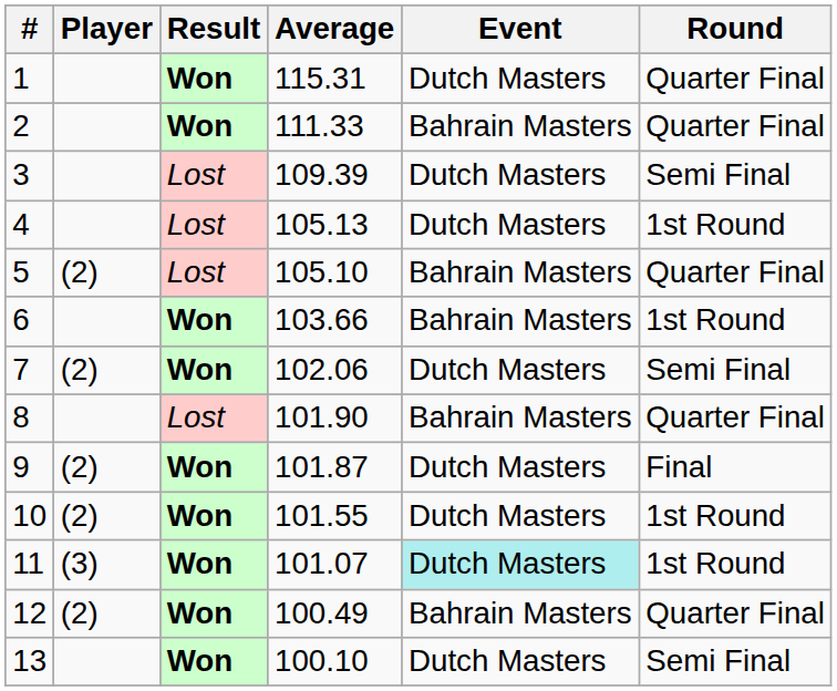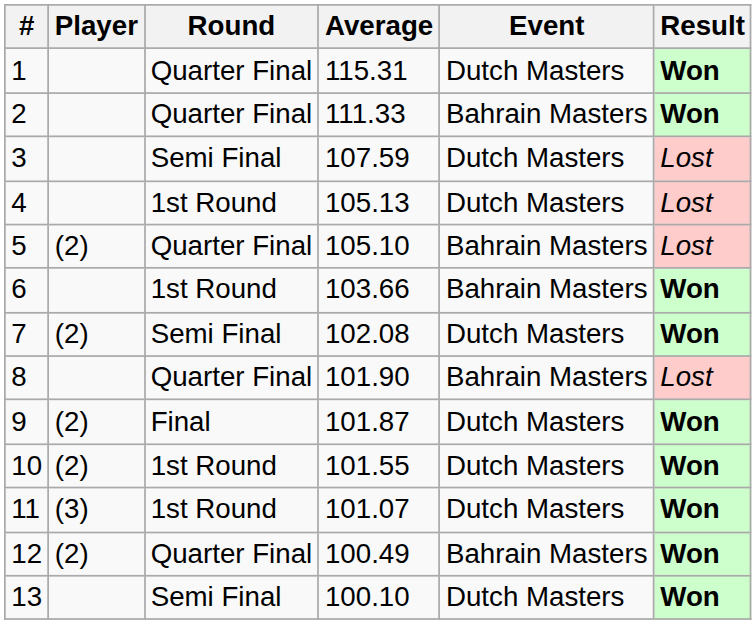 <table class ="wikitable sortable">
 <tr>
 <th>#</th>
 <th>Player</th>
-<th>Result</th>
+<th>Round</th>
 <th>Average</th>
 <th>Event</th>
-<th>Round</th>
+<th>Result</th>
 </tr>
 <tr>
 <td>1</td>
 <td></td>
-<td style="background:#CCFFCC;"><strong>Won</strong></td>
+<td>Quarter Final</td>
 <td>115.31</td>
 <td> Dutch  Masters</td>
-<td>Quarter Final</td>
+<td style="background:#CCFFCC;"><strong>Won</strong></td>
 </tr>
 <tr>
 <td>2</td>
 <td></td>
-<td style="background:#CCFFCC;"><strong>Won</strong></td>
+<td>Quarter Final</td>
 <td>111.33</td>
 <td> Bahrain  Masters</td>
-<td>Quarter Final</td>
+<td style="background:#CCFFCC;"><strong>Won</strong></td>
 </tr>
 <tr>
 <td>3</td>
 <td></td>
+<td>Semi Final</td>
+<td>107.59</td>
+<td> Dutch  Masters</td>
 <td style="background:#FFccCC;"><em>Lost</em></td>
-<td>109.39</td>
-<td> Dutch  Masters</td>
-<td>Semi Final</td>
 </tr>
 <tr>
 <td>4</td>
 <td></td>
-<td style="background:#FFccCC;"><em>Lost</em></td>
+<td>1st Round</td>
 <td>105.13</td>
 <td> Dutch  Masters</td>
-<td>1st Round</td>
+<td style="background:#FFccCC;"><em>Lost</em></td>
 </tr>
 <tr>
 <td>5</td>
 <td> (2)</td>
-<td style="background:#FFccCC;"><em>Lost</em></td>
+<td>Quarter Final</td>
 <td>105.10</td>
 <td> Bahrain  Masters</td>
-<td>Quarter Final</td>
+<td style="background:#FFccCC;"><em>Lost</em></td>
 </tr>
 <tr>
 <td>6</td>
 <td></td>
-<td style="background:#CCFFCC;"><strong>Won</strong></td>
+<td>1st Round</td>
 <td>103.66</td>
 <td> Bahrain  Masters</td>
-<td>1st Round</td>
+<td style="background:#CCFFCC;"><strong>Won</strong></td>
 </tr>
 <tr>
 <td>7</td>
 <td> (2)</td>
+<td>Semi Final</td>
+<td>102.08</td>
+<td> Dutch  Masters</td>
 <td style="background:#CCFFCC;"><strong>Won</strong></td>
-<td>102.06</td>
-<td> Dutch  Masters</td>
-<td>Semi Final</td>
 </tr>
 <tr>
 <td>8</td>
 <td></td>
-<td style="background:#FFccCC;"><em>Lost</em></td>
+<td>Quarter Final</td>
 <td>101.90</td>
 <td> Bahrain  Masters</td>
-<td>Quarter Final</td>
+<td style="background:#FFccCC;"><em>Lost</em></td>
 </tr>
 <tr>
 <td>9</td>
 <td> (2)</td>
-<td style="background:#CCFFCC;"><strong>Won</strong></td>
+<td>Final</td>
 <td>101.87</td>
 <td> Dutch  Masters</td>
-<td>Final</td>
+<td style="background:#CCFFCC;"><strong>Won</strong></td>
 </tr>
 <tr>
 <td>10</td>
 <td> (2)</td>
-<td style="background:#CCFFCC;"><strong>Won</strong></td>
+<td>1st Round</td>
 <td>101.55</td>
 <td> Dutch  Masters</td>
-<td>1st Round</td>
+<td style="background:#CCFFCC;"><strong>Won</strong></td>
 </tr>
 <tr>
 <td>11</td>
 <td> (3)</td>
+<td>1st Round</td>
+<td>101.07</td>
+<td> Dutch  Masters</td>
 <td style="background:#CCFFCC;"><strong>Won</strong></td>
-<td>101.07</td>
-<td style="background: paleturquoise;"> Dutch  Masters</td>
-<td>1st Round</td>
 </tr>
 <tr>
 <td>12</td>
 <td> (2)</td>
-<td style="background:#CCFFCC;"><strong>Won</strong></td>
+<td>Quarter Final</td>
 <td>100.49</td>
 <td> Bahrain  Masters</td>
-<td>Quarter Final</td>
+<td style="background:#CCFFCC;"><strong>Won</strong></td>
 </tr>
 <tr>
 <td>13</td>
 <td></td>
-<td style="background:#CCFFCC;"><strong>Won</strong></td>
+<td>Semi Final</td>
 <td>100.10</td>
 <td> Dutch  Masters</td>
-<td>Semi Final</td>
+<td style="background:#CCFFCC;"><strong>Won</strong></td>
 </tr>
 </table>
